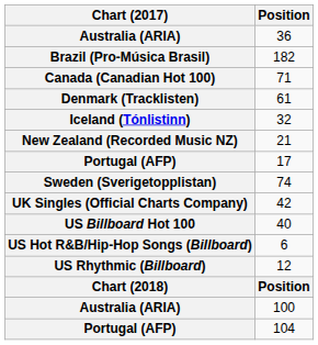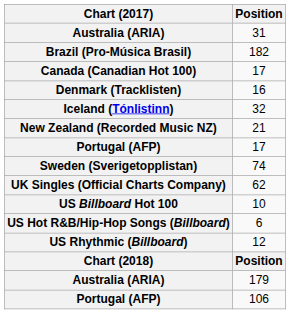 <table class="wikitable sortable plainrowheaders" style="text-align:center">
 <tr>
 <th scope="col">Chart (2017)</th>
 <th scope="col">Position</th>
 </tr>
 <tr>
 <th scope="row">Australia (ARIA)</th>
-<td>36</td>
+<td>31</td>
 </tr>
 <tr>
 <th scope="row">Brazil (Pro-Música Brasil)</th>
 <td>182</td>
 </tr>
 <tr>
 <th scope="row">Canada (Canadian Hot 100)</th>
-<td>71</td>
+<td>17</td>
 </tr>
 <tr>
 <th scope="row">Denmark (Tracklisten)</th>
-<td>61</td>
+<td>16</td>
 </tr>
 <tr>
 <th scope="row">Iceland (<a href='#'>Tónlistinn</a>)</th>
 <td>32</td>
 </tr>
 <tr>
 <th scope="row">New Zealand (Recorded Music NZ)</th>
 <td>21</td>
 </tr>
 <tr>
 <th scope="row">Portugal (AFP)</th>
 <td>17</td>
 </tr>
 <tr>
 <th scope="row">Sweden (Sverigetopplistan)</th>
 <td>74</td>
 </tr>
 <tr>
 <th scope="row">UK Singles (Official Charts Company)</th>
-<td>42</td>
+<td>62</td>
 </tr>
 <tr>
 <th scope="row">US <em>Billboard</em> Hot 100</th>
-<td>40</td>
+<td>10</td>
 </tr>
 <tr>
 <th scope="row">US Hot R&B/Hip-Hop Songs (<em>Billboard</em>)</th>
 <td>6</td>
 </tr>
 <tr>
 <th scope="row">US Rhythmic (<em>Billboard</em>)</th>
 <td>12</td>
 </tr>
 <tr>
 <th scope="col">Chart (2018)</th>
 <th scope="col">Position</th>
 </tr>
 <tr>
 <th scope="row">Australia (ARIA)</th>
-<td>100</td>
+<td>179</td>
 </tr>
 <tr>
 <th scope="row">Portugal (AFP)</th>
-<td>104</td>
+<td>106</td>
 </tr>
 </table>
